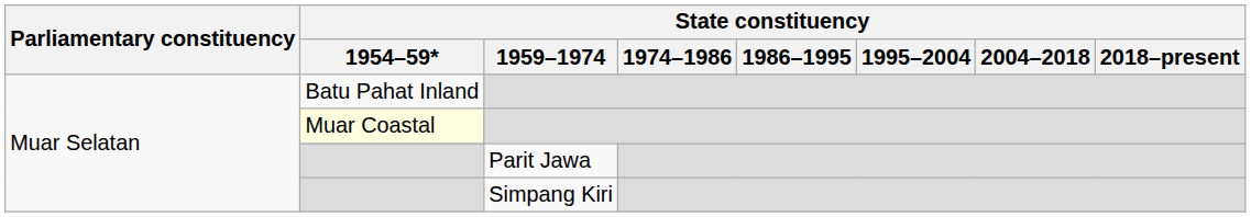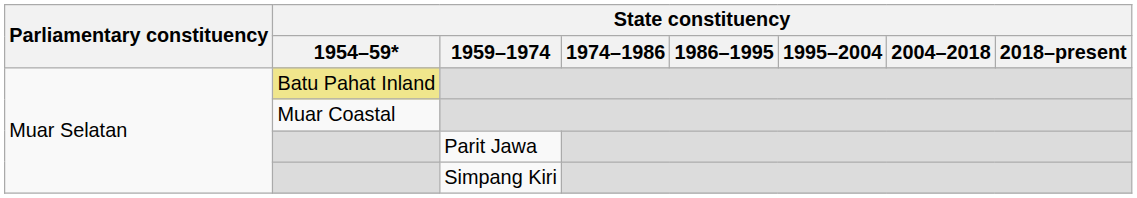 <table class="wikitable">
 <tr>
 <th rowspan="2">Parliamentary constituency</th>
 <th colspan="7">State constituency</th>
 </tr>
 <tr>
 <th>1954–59*</th>
 <th>1959–1974</th>
 <th>1974–1986</th>
 <th>1986–1995</th>
 <th>1995–2004</th>
 <th>2004–2018</th>
 <th>2018–present</th>
 </tr>
 <tr>
 <td rowspan="4">Muar Selatan</td>
-<td>Batu Pahat Inland</td>
+<td style="background: khaki;">Batu Pahat Inland</td>
 <td colspan="6" bgcolor="dcdcdc"></td>
 </tr>
 <tr>
-<td style="background: lightyellow;">Muar Coastal</td>
+<td>Muar Coastal</td>
 <td colspan="6" bgcolor="dcdcdc"></td>
 </tr>
 <tr>
 <td bgcolor="dcdcdc"></td>
 <td>Parit Jawa</td>
 <td colspan="5" bgcolor="dcdcdc"></td>
 </tr>
 <tr>
 <td bgcolor="dcdcdc"></td>
 <td>Simpang Kiri</td>
 <td colspan="5" bgcolor="dcdcdc"></td>
 </tr>
 </table>
